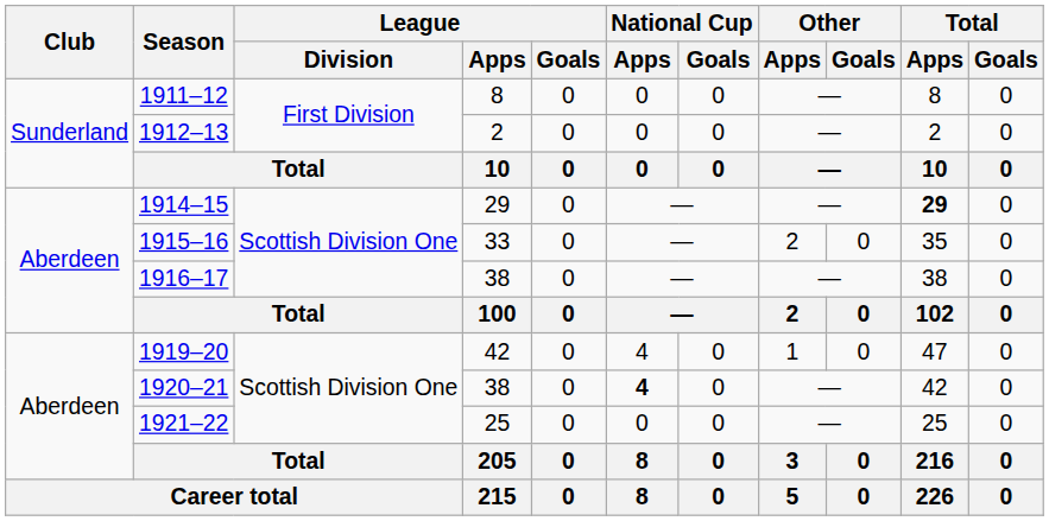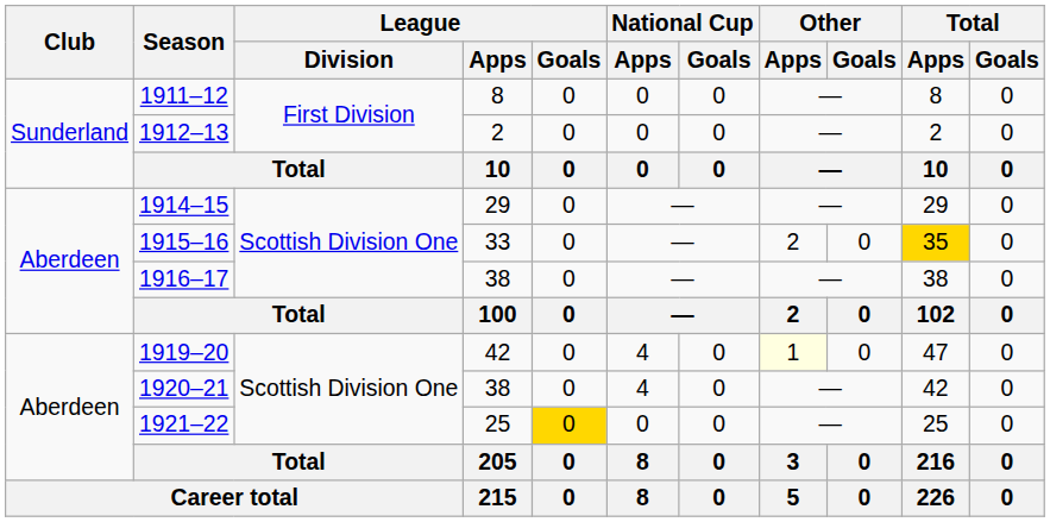 <table class="wikitable" style="text-align: center;">
 <tr>
 <th rowspan="2">Club</th>
 <th rowspan="2">Season</th>
 <th colspan="3">League</th>
 <th colspan="2">National Cup</th>
 <th colspan="2">Other</th>
 <th colspan="2">Total</th>
 </tr>
 <tr>
 <th>Division</th>
 <th>Apps</th>
 <th>Goals</th>
 <th>Apps</th>
 <th>Goals</th>
 <th>Apps</th>
 <th>Goals</th>
 <th>Apps</th>
 <th>Goals</th>
 </tr>
 <tr>
 <td rowspan="3"><a href='#'>Sunderland</a></td>
 <td><a href='#'>1911–12</a></td>
 <td rowspan="2"><a href='#'>First Division</a></td>
 <td>8</td>
 <td>0</td>
 <td>0</td>
 <td>0</td>
 <td colspan="2">—</td>
 <td>8</td>
 <td>0</td>
 </tr>
 <tr>
 <td><a href='#'>1912–13</a></td>
 <td>2</td>
 <td>0</td>
 <td>0</td>
 <td>0</td>
 <td colspan="2">—</td>
 <td>2</td>
 <td>0</td>
 </tr>
 <tr>
 <th colspan="2">Total</th>
 <th>10</th>
 <th>0</th>
 <th>0</th>
 <th>0</th>
 <th colspan="2">—</th>
 <th>10</th>
 <th>0</th>
 </tr>
 <tr>
 <td rowspan="4"><a href='#'>Aberdeen</a></td>
 <td><a href='#'>1914–15</a></td>
 <td rowspan="3"><a href='#'>Scottish Division One</a></td>
 <td>29</td>
 <td>0</td>
 <td colspan="2">—</td>
 <td colspan="2">—</td>
-<td><strong>29</strong></td>
+<td>29</td>
 <td>0</td>
 </tr>
 <tr>
 <td><a href='#'>1915–16</a></td>
 <td>33</td>
 <td>0</td>
 <td colspan="2">—</td>
 <td>2</td>
 <td>0</td>
-<td>35</td>
+<td style="background: gold;">35</td>
 <td>0</td>
 </tr>
 <tr>
 <td><a href='#'>1916–17</a></td>
 <td>38</td>
 <td>0</td>
 <td colspan="2">—</td>
 <td colspan="2">—</td>
 <td>38</td>
 <td>0</td>
 </tr>
 <tr>
 <th colspan="2">Total</th>
 <th>100</th>
 <th>0</th>
 <th colspan="2">—</th>
 <th>2</th>
 <th>0</th>
 <th>102</th>
 <th>0</th>
 </tr>
 <tr>
 <td rowspan="4">Aberdeen</td>
 <td><a href='#'>1919–20</a></td>
 <td rowspan="3">Scottish Division One</td>
 <td>42</td>
 <td>0</td>
 <td>4</td>
 <td>0</td>
-<td>1</td>
+<td style="background: lightyellow;">1</td>
 <td>0</td>
 <td>47</td>
 <td>0</td>
 </tr>
 <tr>
 <td><a href='#'>1920–21</a></td>
 <td>38</td>
 <td>0</td>
-<td><strong>4</strong></td>
+<td>4</td>
 <td>0</td>
 <td colspan="2">—</td>
 <td>42</td>
 <td>0</td>
 </tr>
 <tr>
 <td><a href='#'>1921–22</a></td>
 <td>25</td>
-<td>0</td>
+<td style="background: gold;">0</td>
 <td>0</td>
 <td>0</td>
 <td colspan="2">—</td>
 <td>25</td>
 <td>0</td>
 </tr>
 <tr>
 <th colspan="2">Total</th>
 <th>205</th>
 <th>0</th>
 <th>8</th>
 <th>0</th>
 <th>3</th>
 <th>0</th>
 <th>216</th>
 <th>0</th>
 </tr>
 <tr>
 <th colspan="3">Career total</th>
 <th>215</th>
 <th>0</th>
 <th>8</th>
 <th>0</th>
 <th>5</th>
 <th>0</th>
 <th>226</th>
 <th>0</th>
 </tr>
 </table>
